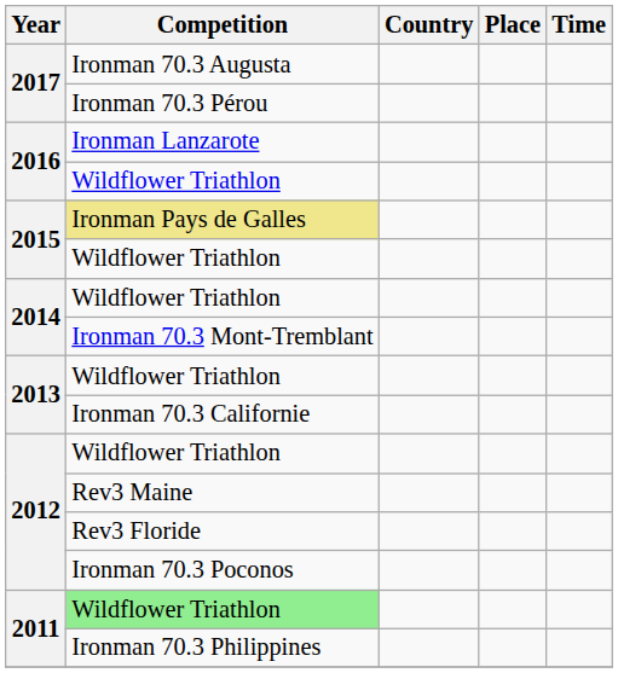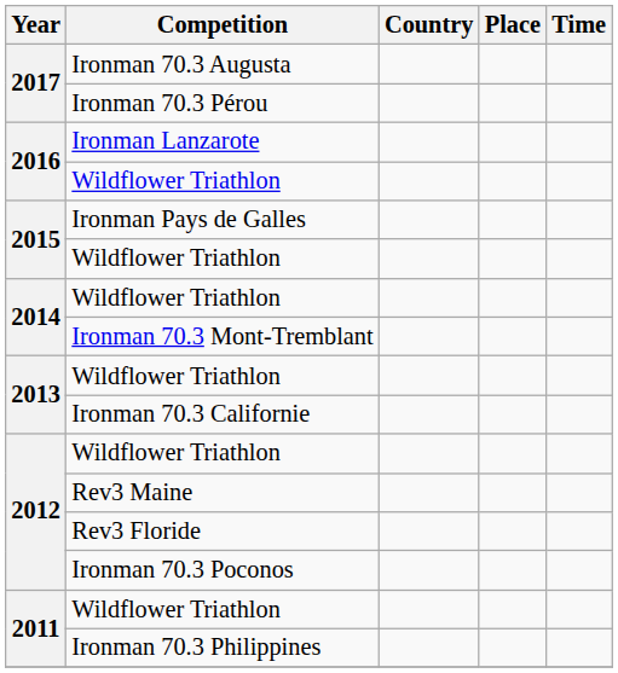 <table class="wikitable ">
 <tr>
 <th scope=col>Year</th>
 <th scope=col>Competition</th>
 <th Scope=col>Country</th>
 <th Scope=col>Place</th>
 <th scope=col>Time</th>
 </tr>
 <tr>
 <th scope=row; align=center; rowspan="2">2017</th>
 <td>Ironman 70.3 Augusta</td>
 <td></td>
 <td align=center></td>
 <td></td>
 </tr>
 <tr>
 <td>Ironman 70.3 Pérou</td>
 <td></td>
 <td align=center></td>
 <td></td>
 </tr>
 <tr>
 <th scope=row; align=center; rowspan="2">2016</th>
 <td><a href='#'>Ironman Lanzarote</a></td>
 <td></td>
 <td align=center></td>
 <td></td>
 </tr>
 <tr>
 <td><a href='#'>Wildflower Triathlon</a></td>
 <td></td>
 <td align=center></td>
 <td></td>
 </tr>
 <tr>
 <th scope=row; align=center; rowspan="2">2015</th>
-<td style="background: khaki;">Ironman Pays de Galles</td>
+<td>Ironman Pays de Galles</td>
 <td></td>
 <td align=center></td>
 <td></td>
 </tr>
 <tr>
 <td>Wildflower Triathlon</td>
 <td></td>
 <td align=center></td>
 <td></td>
 </tr>
 <tr>
 <th scope=row; align=center; rowspan="2">2014</th>
 <td>Wildflower Triathlon</td>
 <td></td>
 <td align=center></td>
 <td></td>
 </tr>
 <tr>
 <td><a href='#'>Ironman 70.3</a> Mont-Tremblant</td>
 <td></td>
 <td align=center></td>
 <td></td>
 </tr>
 <tr>
 <th scope=row; align=center; rowspan="2">2013</th>
 <td>Wildflower Triathlon</td>
 <td></td>
 <td align=center></td>
 <td></td>
 </tr>
 <tr>
 <td>Ironman 70.3 Californie</td>
 <td></td>
 <td align=center></td>
 <td></td>
 </tr>
 <tr>
 <th scope=row; align=center; rowspan="4">2012</th>
 <td>Wildflower Triathlon</td>
 <td></td>
 <td align=center></td>
 <td></td>
 </tr>
 <tr>
 <td>Rev3 Maine</td>
 <td></td>
 <td align=center></td>
 <td></td>
 </tr>
 <tr>
 <td>Rev3 Floride</td>
 <td></td>
 <td align=center></td>
 <td></td>
 </tr>
 <tr>
 <td>Ironman 70.3 Poconos</td>
 <td></td>
 <td align=center></td>
 <td></td>
 </tr>
 <tr>
 <th scope=row; align=center; rowspan="2">2011</th>
-<td style="background: lightgreen;">Wildflower Triathlon</td>
+<td>Wildflower Triathlon</td>
 <td></td>
 <td align=center></td>
 <td></td>
 </tr>
 <tr>
 <td>Ironman 70.3 Philippines</td>
 <td></td>
 <td align=center></td>
 <td></td>
 </tr>
 <tr>
 </tr>
 </table>
